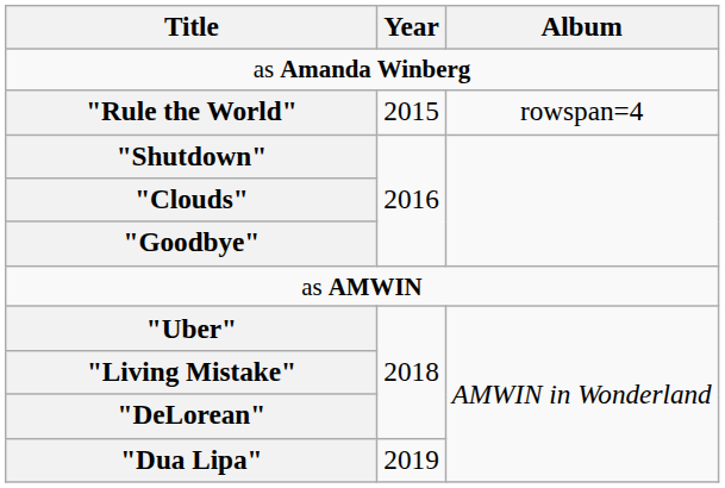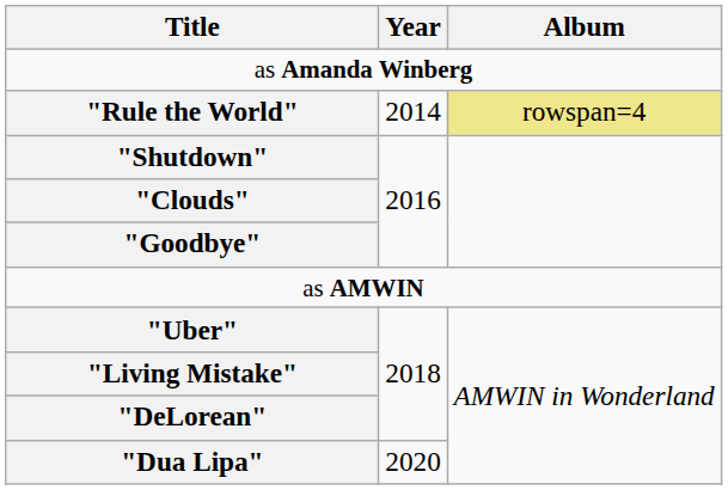 <table class="wikitable plainrowheaders" style="text-align:center;" border="1">
 <tr>
 <th scope="col" style="width:13em;">Title</th>
 <th scope="col" style="width:1em;">Year</th>
 <th scope="col">Album</th>
 </tr>
 <tr>
 <td colspan="3" style="font-size:90%">as <strong>Amanda Winberg</strong></td>
 </tr>
 <tr>
 <th scope="row">"Rule the World"</th>
-<td>2015</td>
-<td>rowspan=4 </td>
+<td>2014</td>
+<td style="background: khaki;">rowspan=4 </td>
 </tr>
 <tr>
 <th scope="row">"Shutdown"</th>
 <td rowspan="3">2016</td>
 </tr>
 <tr>
 <th scope="row">"Clouds"</th>
 </tr>
 <tr>
 <th scope="row">"Goodbye"</th>
 </tr>
 <tr>
 <td colspan="3" style="font-size:90%">as <strong>AMWIN</strong></td>
 </tr>
 <tr>
 <th scope="row">"Uber"</th>
 <td rowspan="3">2018</td>
 <td rowspan="4"><em>AMWIN in Wonderland</em></td>
 </tr>
 <tr>
 <th scope="row">"Living Mistake"</th>
 </tr>
 <tr>
 <th scope="row">"DeLorean"</th>
 </tr>
 <tr>
 <th scope="row">"Dua Lipa"</th>
-<td>2019</td>
+<td>2020</td>
 </tr>
 </table>
